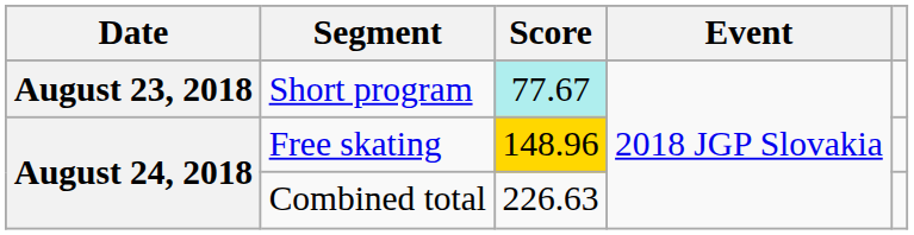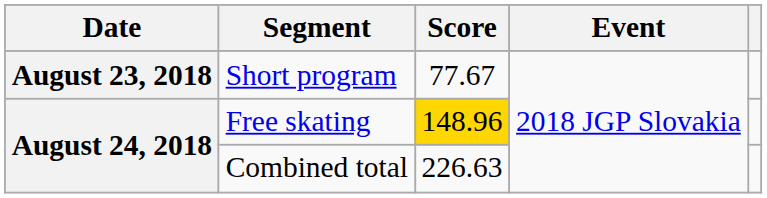 <table class="wikitable unsortable style="text-align:left">
 <tr>
 <th scope="col">Date</th>
 <th scope="col">Segment</th>
 <th scope="col">Score</th>
 <th scope="col">Event</th>
 <th scope="col"></th>
 </tr>
 <tr>
 <th scope="row" style="text-align:left;">August 23, 2018</th>
 <td><a href='#'>Short program</a></td>
-<td style="background: paleturquoise; text-align:center;">77.67</td>
+<td style="text-align:center;">77.67</td>
 <td rowspan="3"><a href='#'>2018 JGP Slovakia</a></td>
 <td></td>
 </tr>
 <tr>
 <th rowspan="2"scope="row" style="text-align:left;">August 24, 2018</th>
 <td><a href='#'>Free skating</a></td>
 <td style="background: gold; text-align:center;">148.96</td>
 <td></td>
 </tr>
 <tr>
 <td>Combined total</td>
 <td style="text-align:center;">226.63</td>
 <td></td>
 </tr>
 </table>
